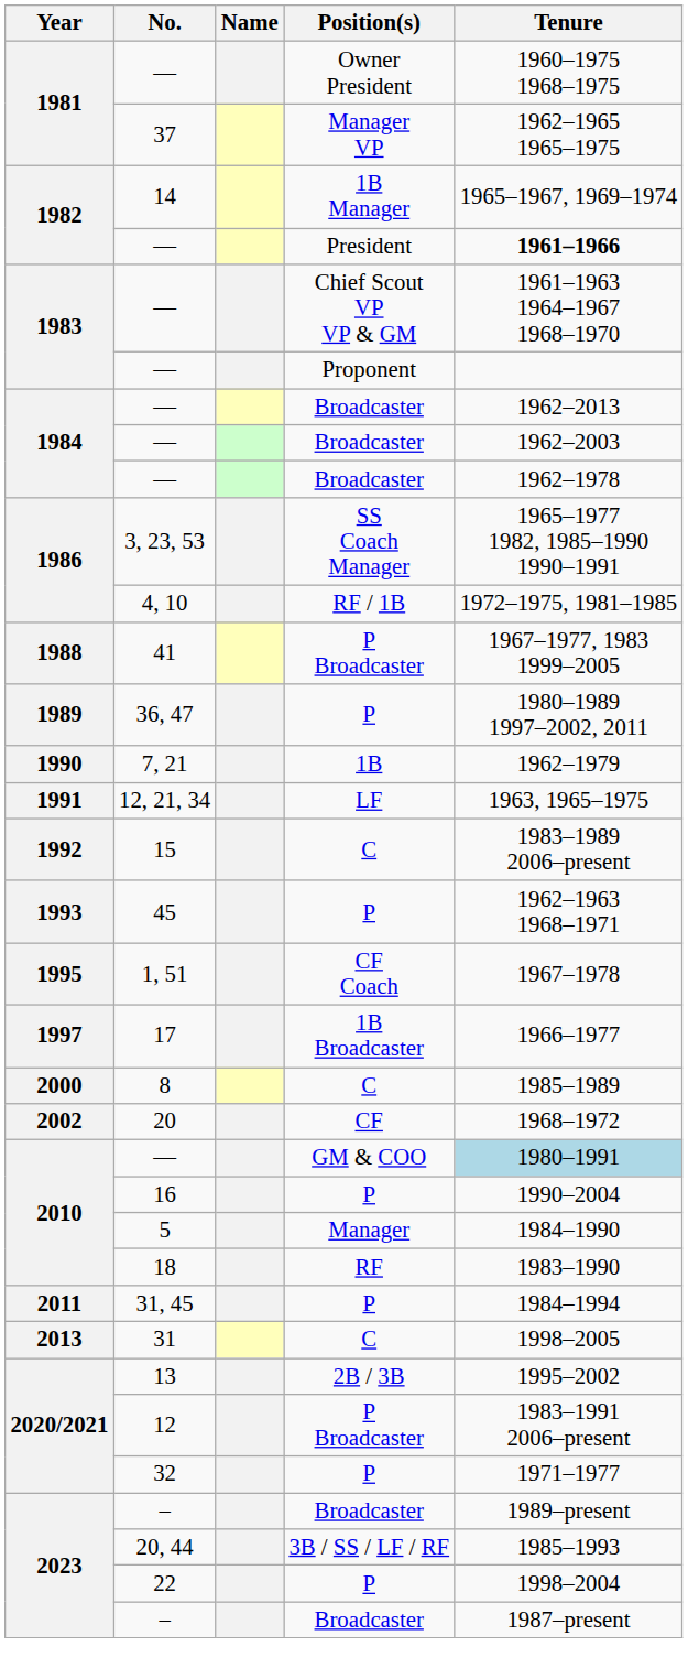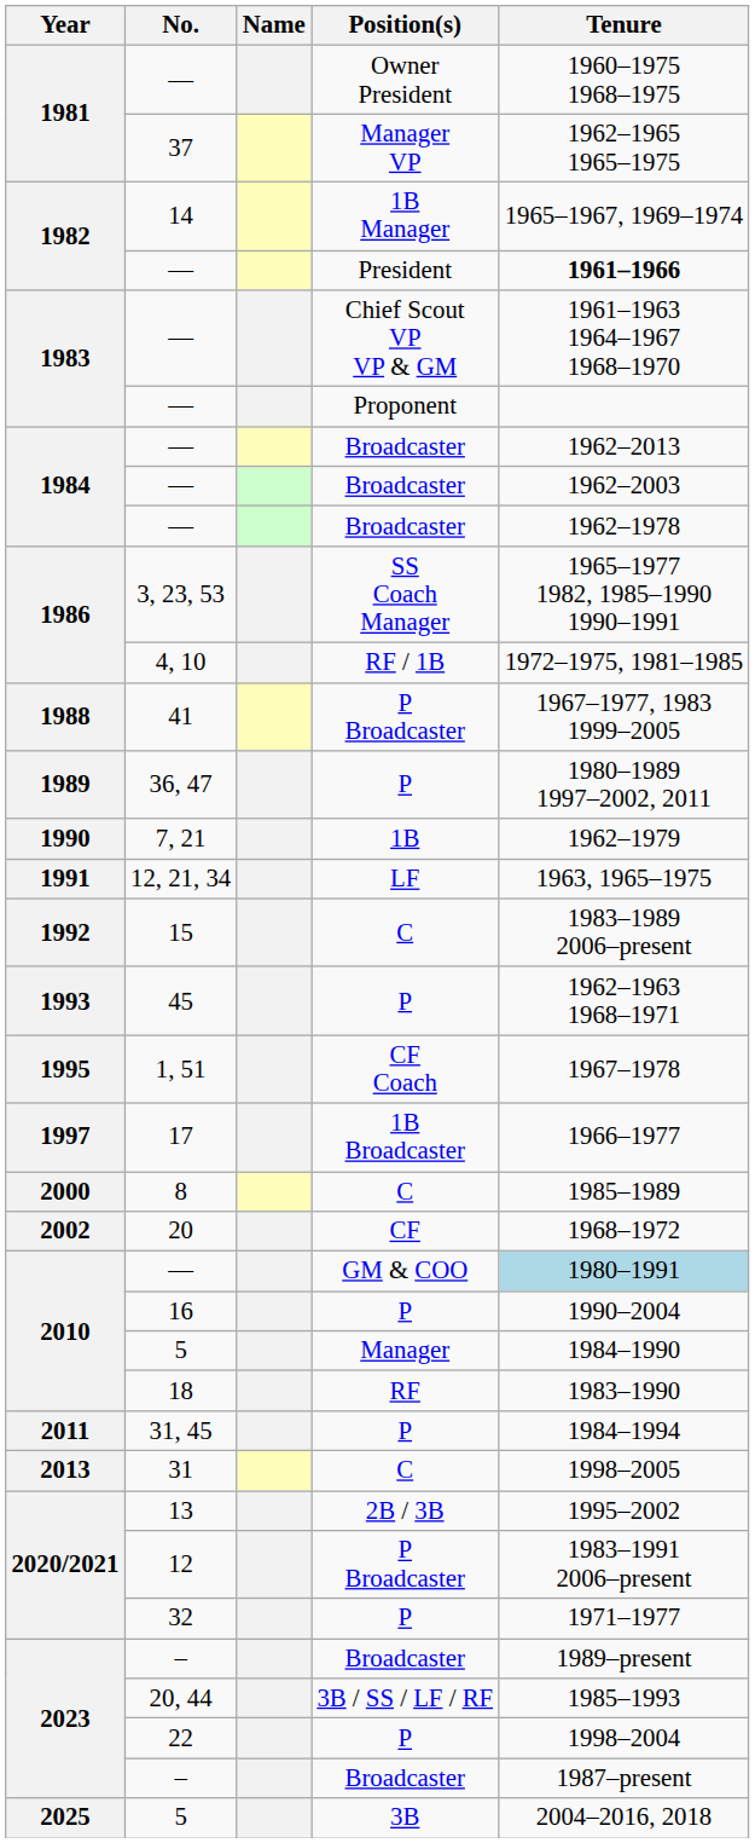 <table class="wikitable" style="text-align:center">
 <tr>
 <th scope="col">Year</th>
 <th scope="col">No.</th>
 <th scope="col">Name</th>
 <th scope="col">Position(s)</th>
 <th scope="col">Tenure</th>
 </tr>
 <tr>
 <th rowspan=2>1981</th>
 <td>—</td>
 <th scope="row" style="text-align:center"></th>
 <td>Owner<br>President</td>
 <td>1960–1975<br>1968–1975</td>
 </tr>
 <tr>
 <td>37</td>
 <th scope="row" style="text-align:center; background:#ffb;"><strong></strong></th>
 <td><a href='#'>Manager</a><br><a href='#'>VP</a></td>
 <td>1962–1965<br>1965–1975</td>
 </tr>
 <tr>
 <th rowspan=2>1982</th>
 <td>14</td>
 <th scope="row" style="text-align:center; background:#ffb;"><strong></strong></th>
 <td><a href='#'>1B</a><br><a href='#'>Manager</a></td>
 <td>1965–1967, 1969–1974</td>
 </tr>
 <tr>
 <td>—</td>
 <th scope="row" style="text-align:center; background:#ffb;"><strong></strong></th>
 <td>President</td>
 <td><strong>1961–1966</strong></td>
 </tr>
 <tr>
 <th rowspan=2>1983</th>
 <td>—</td>
 <th scope="row" style="text-align:center"></th>
 <td>Chief Scout<br><a href='#'>VP</a><br><a href='#'>VP</a> & <a href='#'>GM</a></td>
 <td>1961–1963<br>1964–1967<br>1968–1970</td>
 </tr>
 <tr>
 <td>—</td>
 <th scope="row" style="text-align:center"></th>
 <td>Proponent</td>
 <td></td>
 </tr>
 <tr>
 <th rowspan=3>1984</th>
 <td>—</td>
 <th scope="row" style="text-align:center; background:#ffb;"><strong></strong></th>
 <td><a href='#'>Broadcaster</a></td>
 <td>1962–2013</td>
 </tr>
 <tr>
 <td>—</td>
 <th scope="row" style="text-align:center; background:#cfc;"><strong></strong></th>
 <td><a href='#'>Broadcaster</a></td>
 <td>1962–2003</td>
 </tr>
 <tr>
 <td>—</td>
 <th scope="row" style="text-align:center; background:#cfc;"><strong></strong></th>
 <td><a href='#'>Broadcaster</a></td>
 <td>1962–1978</td>
 </tr>
 <tr>
 <th rowspan=2>1986</th>
 <td>3, 23, 53</td>
 <th scope="row" style="text-align:center"></th>
 <td><a href='#'>SS</a><br><a href='#'>Coach</a><br><a href='#'>Manager</a></td>
 <td>1965–1977<br>1982, 1985–1990<br>1990–1991</td>
 </tr>
 <tr>
 <td>4, 10</td>
 <th scope="row" style="text-align:center"></th>
 <td><a href='#'>RF</a> / <a href='#'>1B</a></td>
 <td>1972–1975, 1981–1985</td>
 </tr>
 <tr>
 <th>1988</th>
 <td>41</td>
 <th scope="row" style="text-align:center; background:#ffb;"><strong></strong></th>
 <td><a href='#'>P</a><br><a href='#'>Broadcaster</a></td>
 <td>1967–1977, 1983<br>1999–2005</td>
 </tr>
 <tr>
 <th>1989</th>
 <td>36, 47</td>
 <th scope="row" style="text-align:center"></th>
 <td><a href='#'>P</a></td>
 <td>1980–1989<br>1997–2002, 2011</td>
 </tr>
 <tr>
 <th>1990</th>
 <td>7, 21</td>
 <th scope="row" style="text-align:center"></th>
 <td><a href='#'>1B</a></td>
 <td>1962–1979</td>
 </tr>
 <tr>
 <th>1991</th>
 <td>12, 21, 34</td>
 <th scope="row" style="text-align:center"></th>
 <td><a href='#'>LF</a></td>
 <td>1963, 1965–1975</td>
 </tr>
 <tr>
 <th>1992</th>
 <td>15</td>
 <th scope="row" style="text-align:center"></th>
 <td><a href='#'>C</a></td>
 <td>1983–1989<br>2006–present</td>
 </tr>
 <tr>
 <th>1993</th>
 <td>45</td>
 <th scope="row" style="text-align:center"></th>
 <td><a href='#'>P</a></td>
 <td>1962–1963<br>1968–1971</td>
 </tr>
 <tr>
 <th>1995</th>
 <td>1, 51</td>
 <th scope="row" style="text-align:center"></th>
 <td><a href='#'>CF</a><br><a href='#'>Coach</a></td>
 <td>1967–1978</td>
 </tr>
 <tr>
 <th>1997</th>
 <td>17</td>
 <th scope="row" style="text-align:center"></th>
 <td><a href='#'>1B</a><br><a href='#'>Broadcaster</a></td>
 <td>1966–1977</td>
 </tr>
 <tr>
 <th>2000</th>
 <td>8</td>
 <th scope="row" style="text-align:center; background:#ffb;"><strong></strong></th>
 <td><a href='#'>C</a></td>
 <td>1985–1989</td>
 </tr>
 <tr>
 <th>2002</th>
 <td>20</td>
 <th scope="row" style="text-align:center"></th>
 <td><a href='#'>CF</a></td>
 <td>1968–1972</td>
 </tr>
 <tr>
 <th rowspan=4>2010</th>
 <td>—</td>
 <th scope="row" style="text-align:center"></th>
 <td><a href='#'>GM</a> & <a href='#'>COO</a></td>
 <td style="background: lightblue;">1980–1991</td>
 </tr>
 <tr>
 <td>16</td>
 <th scope="row" style="text-align:center"></th>
 <td><a href='#'>P</a></td>
 <td>1990–2004</td>
 </tr>
 <tr>
 <td>5</td>
 <th scope="row" style="text-align:center"></th>
 <td><a href='#'>Manager</a></td>
 <td>1984–1990</td>
 </tr>
 <tr>
 <td>18</td>
 <th scope="row" style="text-align:center"></th>
 <td><a href='#'>RF</a></td>
 <td>1983–1990</td>
 </tr>
 <tr>
 <th>2011</th>
 <td>31, 45</td>
 <th scope="row" style="text-align:center"></th>
 <td><a href='#'>P</a></td>
 <td>1984–1994</td>
 </tr>
 <tr>
 <th>2013</th>
 <td>31</td>
 <th scope="row" style="text-align:center; background:#ffb;"><strong></strong></th>
 <td><a href='#'>C</a></td>
 <td>1998–2005</td>
 </tr>
 <tr>
 <th rowspan=3>2020/2021</th>
 <td>13</td>
 <th scope="row" style="text-align:center"></th>
 <td><a href='#'>2B</a> / <a href='#'>3B</a></td>
 <td>1995–2002</td>
 </tr>
 <tr>
 <td>12</td>
 <th scope="row" style="text-align:center"></th>
 <td><a href='#'>P</a><br><a href='#'>Broadcaster</a></td>
 <td>1983–1991<br>2006–present</td>
 </tr>
 <tr>
 <td>32</td>
 <th scope="row" style="text-align:center"></th>
 <td><a href='#'>P</a></td>
 <td>1971–1977</td>
 </tr>
 <tr>
 <th rowspan=4>2023</th>
 <td>–</td>
 <th scope="row" style="text-align:center"></th>
 <td><a href='#'>Broadcaster</a></td>
 <td>1989–present</td>
 </tr>
 <tr>
 <td>20, 44</td>
 <th scope="row" style="text-align:center"></th>
 <td><a href='#'>3B</a> / <a href='#'>SS</a> / <a href='#'>LF</a> / <a href='#'>RF</a></td>
 <td>1985–1993</td>
 </tr>
 <tr>
 <td>22</td>
 <th scope="row" style="text-align:center"></th>
 <td><a href='#'>P</a></td>
 <td>1998–2004</td>
 </tr>
 <tr>
 <td>–</td>
 <th scope="row" style="text-align:center"></th>
 <td><a href='#'>Broadcaster</a></td>
 <td>1987–present</td>
 </tr>
 <tr>
+<th>2025</th>
+<td>5</td>
+<th scope="row" style="text-align:center"></th>
+<td><a href='#'>3B</a></td>
+<td>2004–2016, 2018</td>
+</tr>
+<tr>
 </tr>
 </table>
